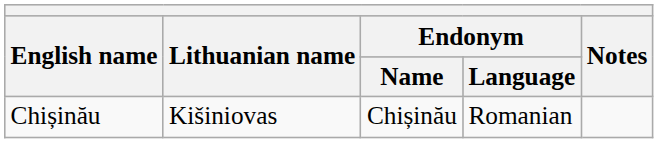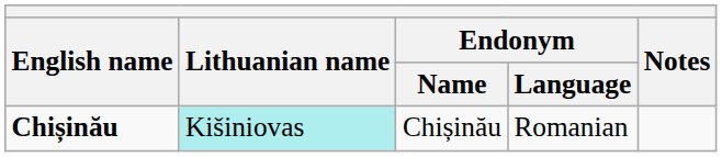 <table class="wikitable sortable">
 <tr>
 <th colspan="5"></th>
 </tr>
 <tr>
 <th rowspan="2">English name</th>
 <th rowspan="2">Lithuanian name</th>
 <th colspan="2">Endonym</th>
 <th rowspan="2">Notes</th>
 </tr>
 <tr>
 <th>Name</th>
 <th>Language</th>
 </tr>
 <tr>
-<td>Chișinău</td>
-<td>Kišiniovas</td>
+<td><strong>Chișinău</strong></td>
+<td style="background: paleturquoise;">Kišiniovas</td>
 <td>Chișinău</td>
 <td>Romanian</td>
 <td></td>
 </tr>
 </table>
